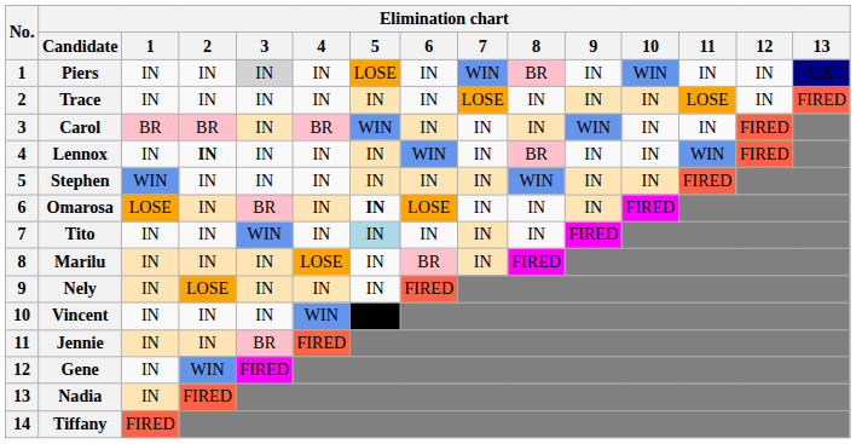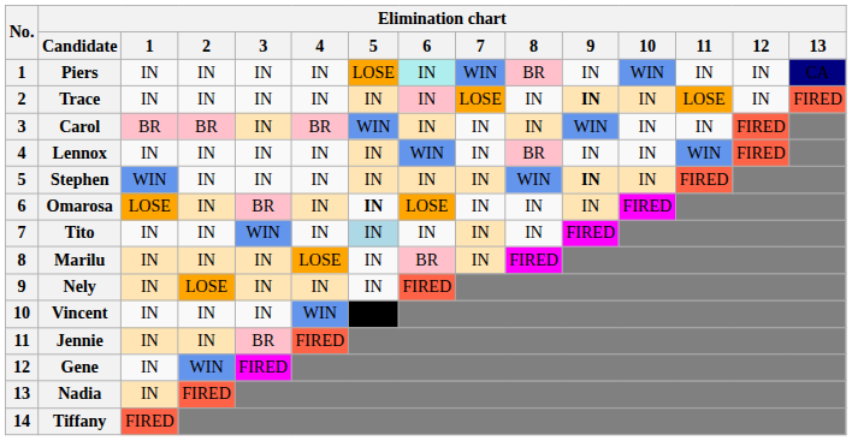 <table class="wikitable" style="text-align:center;">
 <tr>
 <th rowspan="2">No.</th>
 <th colspan="14">Elimination chart</th>
 </tr>
 <tr>
 <th>Candidate</th>
 <th>1</th>
 <th>2</th>
 <th>3</th>
 <th>4</th>
 <th>5</th>
 <th>6</th>
 <th>7</th>
 <th>8</th>
 <th>9</th>
 <th>10</th>
 <th>11</th>
 <th>12</th>
 <th>13</th>
 </tr>
 <tr>
 <th>1</th>
 <th>Piers</th>
 <td>IN</td>
 <td>IN</td>
-<td style="background: lightgrey;">IN</td>
+<td>IN</td>
 <td>IN</td>
 <td style="background:orange;">LOSE</td>
-<td>IN</td>
+<td style="background: paleturquoise;">IN</td>
 <td style="background:cornflowerblue;">WIN</td>
 <td style="background:pink;">BR</td>
 <td>IN</td>
 <td style="background:cornflowerblue;">WIN</td>
 <td>IN</td>
 <td>IN</td>
 <td style="background:navy;"><span> CA </span></td>
 </tr>
 <tr>
 <th>2</th>
 <th>Trace</th>
 <td>IN</td>
 <td>IN</td>
 <td>IN</td>
 <td>IN</td>
 <td style="background:#ffe5b4;">IN</td>
-<td>IN</td>
+<td style="background: pink;">IN</td>
 <td style="background:orange;">LOSE</td>
 <td>IN</td>
-<td style="background:#ffe5b4;">IN</td>
+<td style="background:#ffe5b4;"><strong>IN</strong></td>
 <td style="background:#ffe5b4;">IN</td>
 <td style="background:orange;">LOSE</td>
 <td>IN</td>
 <td style="background:tomato;">FIRED</td>
 </tr>
 <tr>
 <th>3</th>
 <th>Carol</th>
 <td style="background:pink;">BR</td>
 <td style="background:pink;">BR</td>
 <td style="background:#ffe5b4;">IN</td>
 <td style="background:pink;">BR</td>
 <td style="background:cornflowerblue;">WIN</td>
 <td style="background:#ffe5b4;">IN</td>
 <td>IN</td>
 <td style="background:#ffe5b4;">IN</td>
 <td style="background:cornflowerblue;">WIN</td>
 <td>IN</td>
 <td>IN</td>
 <td style="background:tomato;">FIRED</td>
 <td style="background:gray;"></td>
 </tr>
 <tr>
 <th>4</th>
 <th>Lennox</th>
 <td>IN</td>
-<td><strong>IN</strong></td>
+<td>IN</td>
 <td>IN</td>
 <td>IN</td>
 <td style="background:#ffe5b4;">IN</td>
 <td style="background:cornflowerblue;">WIN</td>
 <td>IN</td>
 <td style="background:pink;">BR</td>
 <td>IN</td>
 <td>IN</td>
 <td style="background:cornflowerblue;">WIN</td>
 <td style="background:tomato;">FIRED</td>
 <td style="background:gray;"></td>
 </tr>
 <tr>
 <th>5</th>
 <th>Stephen</th>
 <td style="background:cornflowerblue;">WIN</td>
 <td>IN</td>
 <td>IN</td>
 <td>IN</td>
 <td style="background:#ffe5b4;">IN</td>
 <td style="background:#ffe5b4;">IN</td>
 <td style="background:#ffe5b4;">IN</td>
 <td style="background:cornflowerblue;">WIN</td>
-<td style="background:#ffe5b4;">IN</td>
+<td style="background:#ffe5b4;"><strong>IN</strong></td>
 <td style="background:#ffe5b4;">IN</td>
 <td style="background:tomato;">FIRED</td>
 <td colspan="2" style="background:gray;"></td>
 </tr>
 <tr>
 <th>6</th>
 <th>Omarosa</th>
 <td style="background:orange;">LOSE</td>
 <td style="background:#ffe5b4;">IN</td>
 <td style="background:pink;">BR</td>
 <td style="background:#ffe5b4;">IN</td>
 <td><strong>IN</strong></td>
 <td style="background:orange;">LOSE</td>
 <td>IN</td>
 <td>IN</td>
 <td style="background:#ffe5b4;">IN</td>
 <td style="background:magenta;">FIRED</td>
 <td colspan="3" style="background:gray;"></td>
 </tr>
 <tr>
 <th>7</th>
 <th>Tito</th>
 <td>IN</td>
 <td>IN</td>
 <td style="background:cornflowerblue;">WIN</td>
 <td>IN</td>
 <td style="background:lightblue;">IN</td>
 <td>IN</td>
 <td style="background:#ffe5b4;">IN</td>
 <td>IN</td>
 <td style="background:magenta;">FIRED</td>
 <td colspan="4" style="background:gray;"></td>
 </tr>
 <tr>
 <th>8</th>
 <th>Marilu</th>
 <td style="background:#ffe5b4;">IN</td>
 <td style="background:#ffe5b4;">IN</td>
 <td style="background:#ffe5b4;">IN</td>
 <td style="background:orange;">LOSE</td>
 <td>IN</td>
 <td style="background:pink;">BR</td>
 <td style="background:#ffe5b4;">IN</td>
 <td style="background:magenta;">FIRED</td>
 <td colspan="5" style="background:gray;"></td>
 </tr>
 <tr>
 <th>9</th>
 <th>Nely</th>
 <td style="background:#ffe5b4;">IN</td>
 <td style="background:orange;">LOSE</td>
 <td style="background:#FFE5B4;">IN</td>
 <td style="background:#ffe5b4;">IN</td>
 <td>IN</td>
 <td style="background:tomato;">FIRED</td>
 <td colspan="7" style="background:gray;"></td>
 </tr>
 <tr>
 <th>10</th>
 <th>Vincent</th>
 <td>IN</td>
 <td>IN</td>
 <td>IN</td>
 <td style="background:cornflowerblue;">WIN</td>
 <td style="background:black;"><span>QUIT</span></td>
 <td colspan="8" style="background:gray;"></td>
 </tr>
 <tr>
 <th>11</th>
 <th>Jennie</th>
 <td style="background:#ffe5b4;">IN</td>
 <td style="background:#ffe5b4;">IN</td>
 <td style="background:pink;">BR</td>
 <td style="background:tomato;">FIRED</td>
 <td colspan="9" style="background:gray;"></td>
 </tr>
 <tr>
 <th>12</th>
 <th>Gene</th>
 <td>IN</td>
 <td style="background:cornflowerblue;">WIN</td>
 <td style="background:magenta;">FIRED</td>
 <td colspan="10" style="background:gray;"></td>
 </tr>
 <tr>
 <th>13</th>
 <th>Nadia</th>
 <td style="background:#ffe5b4;">IN</td>
 <td style="background:tomato;">FIRED</td>
 <td colspan="11" style="background:gray;"></td>
 </tr>
 <tr>
 <th>14</th>
 <th>Tiffany</th>
 <td style="background:tomato;">FIRED</td>
 <td colspan="12" style="background:gray;"></td>
 </tr>
 </table>
